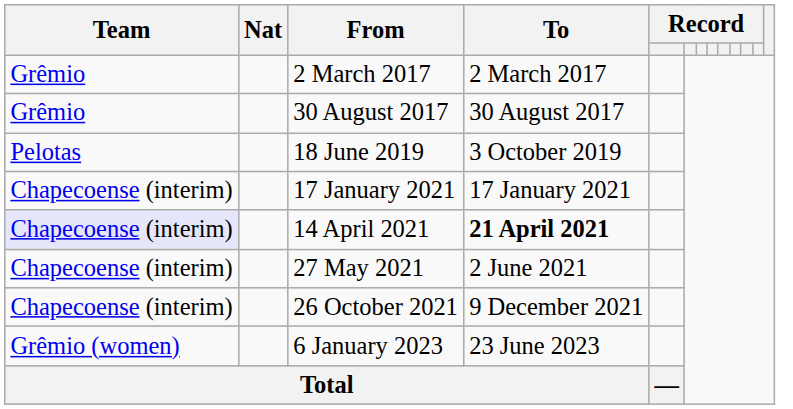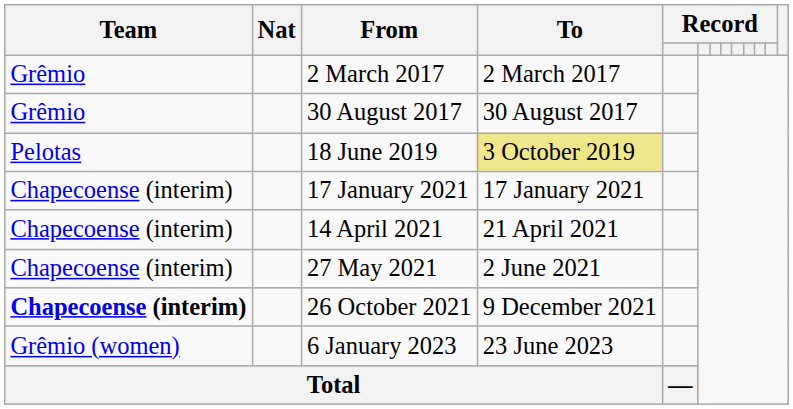 <table class="wikitable" style="text-align: center">
 <tr>
 <th rowspan="2">Team</th>
 <th rowspan="2">Nat</th>
 <th rowspan="2">From</th>
 <th rowspan="2">To</th>
 <th colspan="8">Record</th>
 <th rowspan=2></th>
 </tr>
 <tr>
 <th></th>
 <th></th>
 <th></th>
 <th></th>
 <th></th>
 <th></th>
 <th></th>
 <th></th>
 </tr>
 <tr>
 <td align=left><a href='#'>Grêmio</a></td>
 <td></td>
 <td align=left>2 March 2017</td>
 <td align=left>2 March 2017<br></td>
 <td></td>
 </tr>
 <tr>
 <td align=left><a href='#'>Grêmio</a></td>
 <td></td>
 <td align=left>30 August 2017</td>
 <td align=left>30 August 2017<br></td>
 <td></td>
 </tr>
 <tr>
 <td align=left><a href='#'>Pelotas</a></td>
 <td></td>
 <td align=left>18 June 2019</td>
-<td align=left>3 October 2019<br></td>
+<td align=left style="background: khaki;">3 October 2019<br></td>
 <td></td>
 </tr>
 <tr>
 <td align=left><a href='#'>Chapecoense</a> (interim)</td>
 <td></td>
 <td align=left>17 January 2021</td>
 <td align=left>17 January 2021<br></td>
 <td></td>
 </tr>
 <tr>
-<td align=left style="background: lavender;"><a href='#'>Chapecoense</a> (interim)</td>
+<td align=left><a href='#'>Chapecoense</a> (interim)</td>
 <td></td>
 <td align=left>14 April 2021</td>
-<td align=left><strong>21 April 2021<br></strong></td>
+<td align=left>21 April 2021<br></td>
 <td></td>
 </tr>
 <tr>
 <td align=left><a href='#'>Chapecoense</a> (interim)</td>
 <td></td>
 <td align=left>27 May 2021</td>
 <td align=left>2 June 2021<br></td>
 <td></td>
 </tr>
 <tr>
-<td align=left><a href='#'>Chapecoense</a> (interim)</td>
+<td align=left><strong><a href='#'>Chapecoense</a> (interim)</strong></td>
 <td></td>
 <td align=left>26 October 2021</td>
 <td align=left>9 December 2021<br></td>
 <td></td>
 </tr>
 <tr>
 <td align=left><a href='#'>Grêmio (women)</a></td>
 <td></td>
 <td align=left>6 January 2023</td>
 <td align=left>23 June 2023<br></td>
 <td></td>
 </tr>
 <tr>
 <th colspan="4">Total<br></th>
 <th>—</th>
 </tr>
 </table>
